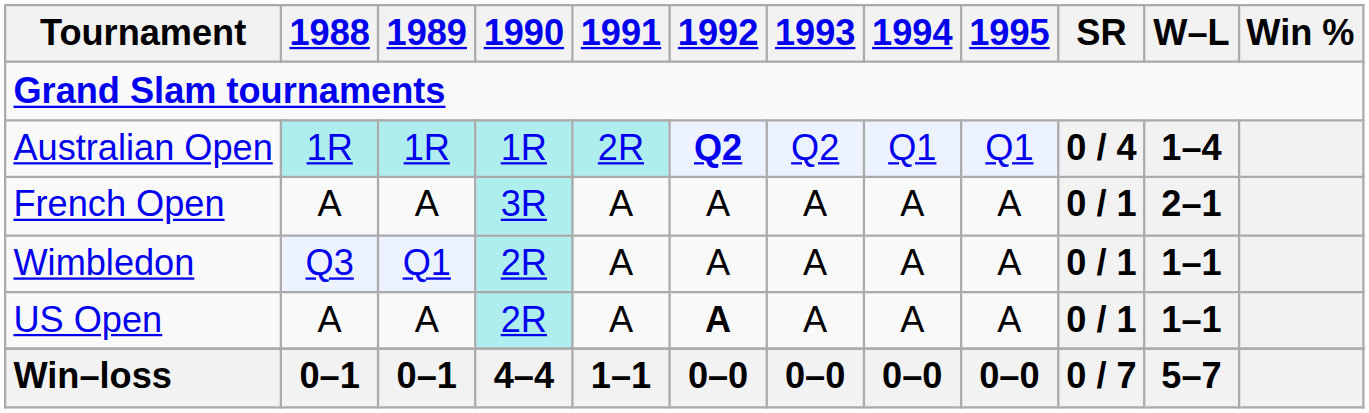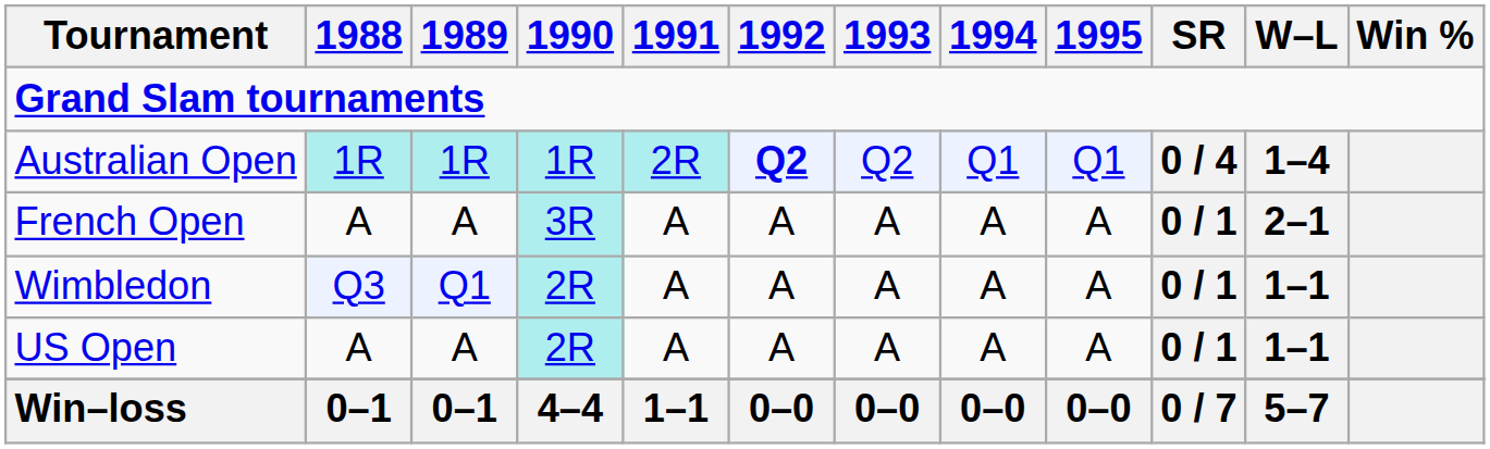 <table class=wikitable style=text-align:center>
 <tr>
 <th>Tournament</th>
 <th><a href='#'>1988</a></th>
 <th><a href='#'>1989</a></th>
 <th><a href='#'>1990</a></th>
 <th><a href='#'>1991</a></th>
 <th><a href='#'>1992</a></th>
 <th><a href='#'>1993</a></th>
 <th><a href='#'>1994</a></th>
 <th><a href='#'>1995</a></th>
 <th>SR</th>
 <th>W–L</th>
 <th>Win %</th>
 </tr>
 <tr>
 <td colspan=25 style=text-align:left><a href='#'><strong>Grand Slam tournaments</strong></a></td>
 </tr>
 <tr>
 <td align=left><a href='#'>Australian Open</a></td>
 <td style=background:#afeeee><a href='#'>1R</a></td>
 <td style=background:#afeeee><a href='#'>1R</a></td>
 <td style=background:#afeeee><a href='#'>1R</a></td>
 <td style=background:#afeeee><a href='#'>2R</a></td>
 <td style=background:#ecf2ff><strong><a href='#'>Q2</a></strong></td>
 <td style=background:#ecf2ff><a href='#'>Q2</a></td>
 <td style=background:#ecf2ff><a href='#'>Q1</a></td>
 <td style=background:#ecf2ff><a href='#'>Q1</a></td>
 <th>0 / 4</th>
 <th>1–4</th>
 <th></th>
 </tr>
 <tr>
 <td align=left><a href='#'>French Open</a></td>
 <td>A</td>
 <td>A</td>
 <td style=background:#afeeee><a href='#'>3R</a></td>
 <td>A</td>
 <td>A</td>
 <td>A</td>
 <td>A</td>
 <td>A</td>
 <th>0 / 1</th>
 <th>2–1</th>
 <th></th>
 </tr>
 <tr>
 <td align=left><a href='#'>Wimbledon</a></td>
 <td style=background:#ecf2ff><a href='#'>Q3</a></td>
 <td style=background:#ecf2ff><a href='#'>Q1</a></td>
 <td style=background:#afeeee><a href='#'>2R</a></td>
 <td>A</td>
 <td>A</td>
 <td>A</td>
 <td>A</td>
 <td>A</td>
 <th>0 / 1</th>
 <th>1–1</th>
 <th></th>
 </tr>
 <tr>
 <td align=left><a href='#'>US Open</a></td>
 <td>A</td>
 <td>A</td>
 <td style=background:#afeeee><a href='#'>2R</a></td>
 <td>A</td>
-<td><strong>A</strong></td>
+<td>A</td>
 <td>A</td>
 <td>A</td>
 <td>A</td>
 <th>0 / 1</th>
 <th>1–1</th>
 <th></th>
 </tr>
 <tr>
 </tr>
 <tr style=font-weight:bold;background:#efefef>
 <th style=text-align:left>Win–loss</th>
 <th>0–1</th>
 <th>0–1</th>
 <th>4–4</th>
 <th>1–1</th>
 <th>0–0</th>
 <th>0–0</th>
 <th>0–0</th>
 <th>0–0</th>
 <th>0 / 7</th>
 <th>5–7</th>
 <th></th>
 </tr>
 </table>
